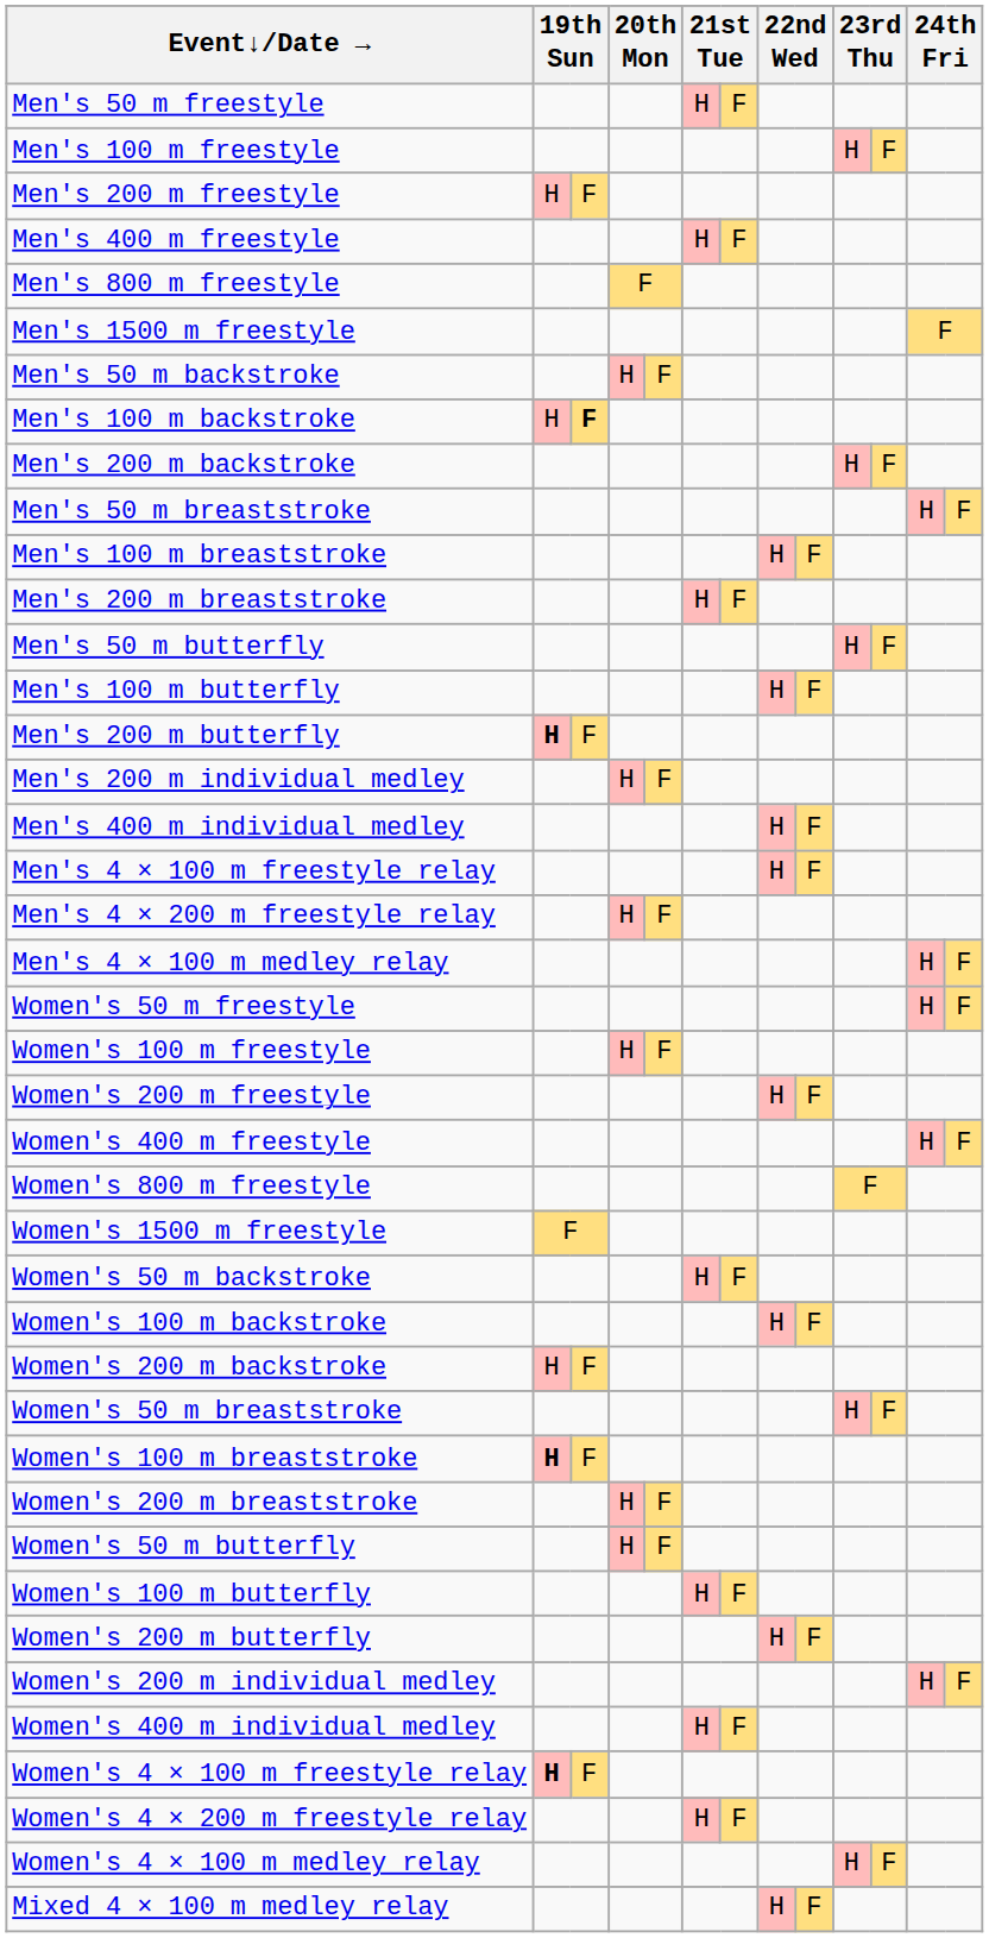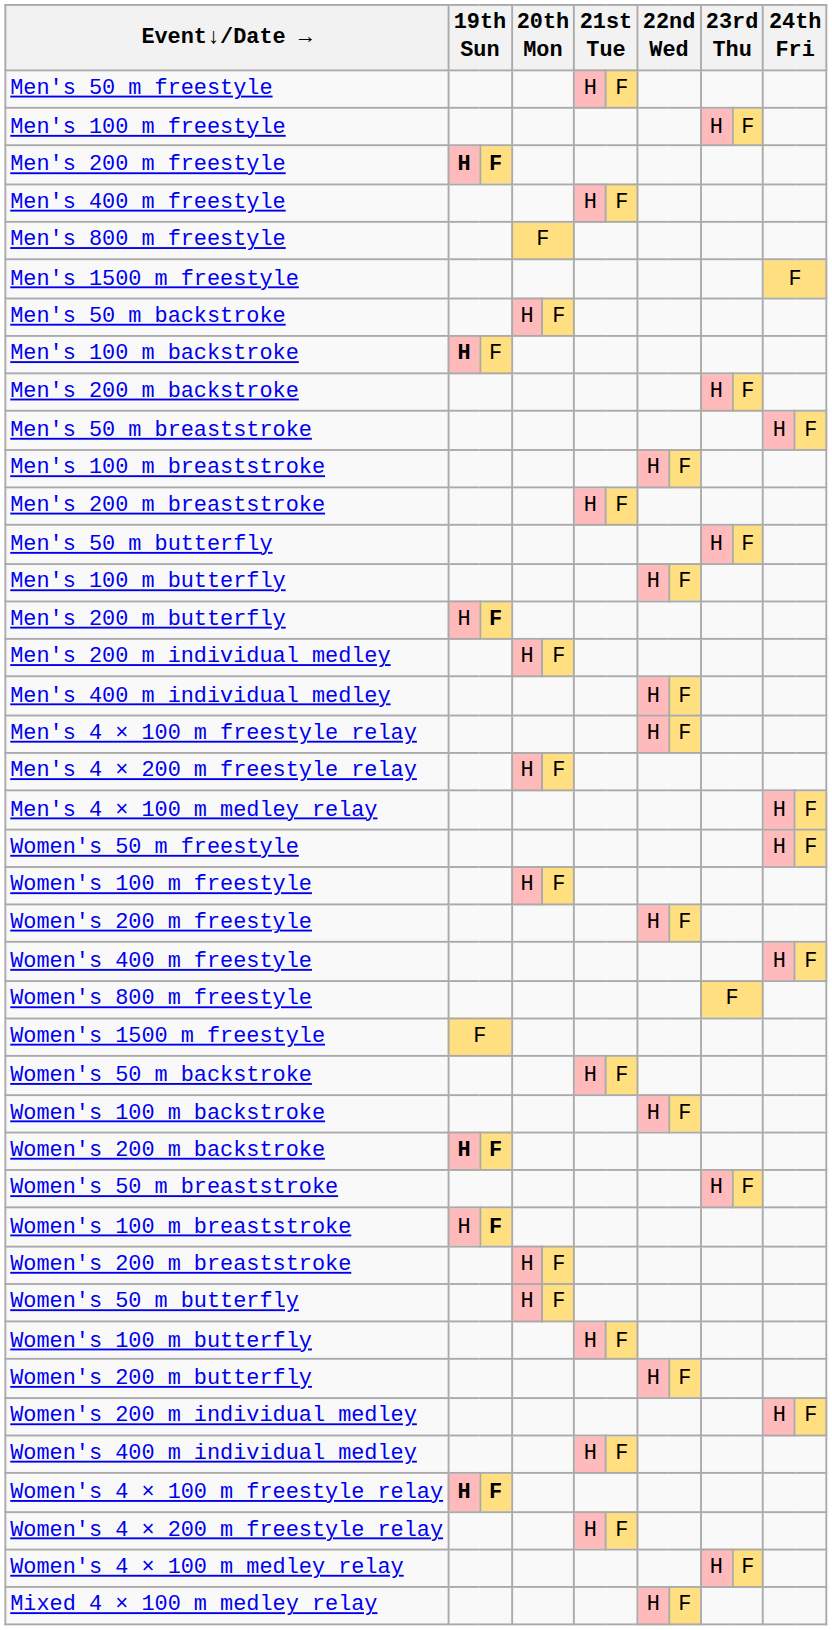 <table class="wikitable" style="margin:0.5em auto; font-size:90%; line-height:1.25em; text-align:center;">
 <tr>
 <th>Event↓/Date →</th>
 <th colspan=2>19th<br>Sun</th>
 <th colspan=2>20th<br>Mon</th>
 <th colspan=2>21st<br>Tue</th>
 <th colspan=2>22nd<br>Wed</th>
 <th colspan=2>23rd<br>Thu</th>
 <th colspan=2>24th<br>Fri</th>
 </tr>
 <tr>
 <td align=left><a href='#'>Men's 50 m freestyle</a></td>
 <td colspan=2></td>
 <td colspan=2></td>
 <td bgcolor="#FFBBBB">H</td>
 <td bgcolor="#FFDF80">F</td>
 <td colspan=2></td>
 <td colspan=2></td>
 <td colspan=2></td>
 </tr>
 <tr>
 <td align=left><a href='#'>Men's 100 m freestyle</a></td>
 <td colspan=2></td>
 <td colspan=2></td>
 <td colspan=2></td>
 <td colspan=2></td>
 <td bgcolor="#FFBBBB">H</td>
 <td bgcolor="#FFDF80">F</td>
 <td colspan=2></td>
 </tr>
 <tr>
 <td align=left><a href='#'>Men's 200 m freestyle</a></td>
-<td bgcolor="#FFBBBB">H</td>
-<td bgcolor="#FFDF80">F</td>
+<td bgcolor="#FFBBBB"><strong>H</strong></td>
+<td bgcolor="#FFDF80"><strong>F</strong></td>
 <td colspan=2></td>
 <td colspan=2></td>
 <td colspan=2></td>
 <td colspan=2></td>
 <td colspan=2></td>
 </tr>
 <tr>
 <td align=left><a href='#'>Men's 400 m freestyle</a></td>
 <td colspan=2></td>
 <td colspan=2></td>
 <td bgcolor="#FFBBBB">H</td>
 <td bgcolor="#FFDF80">F</td>
 <td colspan=2></td>
 <td colspan=2></td>
 <td colspan=2></td>
 </tr>
 <tr>
 <td align=left><a href='#'>Men's 800 m freestyle</a></td>
 <td colspan=2></td>
 <td colspan=2 bgcolor="#FFDF80">F</td>
 <td colspan=2></td>
 <td colspan=2></td>
 <td colspan=2></td>
 <td colspan=2></td>
 </tr>
 <tr>
 <td align=left><a href='#'>Men's 1500 m freestyle</a></td>
 <td colspan=2></td>
 <td colspan=2></td>
 <td colspan=2></td>
 <td colspan=2></td>
 <td colspan=2></td>
 <td colspan=2 bgcolor="#FFDF80">F</td>
 </tr>
 <tr>
 <td align=left><a href='#'>Men's 50 m backstroke</a></td>
 <td colspan=2></td>
 <td bgcolor="#FFBBBB">H</td>
 <td bgcolor="#FFDF80">F</td>
 <td colspan=2></td>
 <td colspan=2></td>
 <td colspan=2></td>
 <td colspan=2></td>
 </tr>
 <tr>
 <td align=left><a href='#'>Men's 100 m backstroke</a></td>
-<td bgcolor="#FFBBBB">H</td>
-<td bgcolor="#FFDF80"><strong>F</strong></td>
+<td bgcolor="#FFBBBB"><strong>H</strong></td>
+<td bgcolor="#FFDF80">F</td>
 <td colspan=2></td>
 <td colspan=2></td>
 <td colspan=2></td>
 <td colspan=2></td>
 <td colspan=2></td>
 </tr>
 <tr>
 <td align=left><a href='#'>Men's 200 m backstroke</a></td>
 <td colspan=2></td>
 <td colspan=2></td>
 <td colspan=2></td>
 <td colspan=2></td>
 <td bgcolor="#FFBBBB">H</td>
 <td bgcolor="#FFDF80">F</td>
 <td colspan=2></td>
 </tr>
 <tr>
 <td align=left><a href='#'>Men's 50 m breaststroke</a></td>
 <td colspan=2></td>
 <td colspan=2></td>
 <td colspan=2></td>
 <td colspan=2></td>
 <td colspan=2></td>
 <td bgcolor="#FFBBBB">H</td>
 <td bgcolor="#FFDF80">F</td>
 </tr>
 <tr>
 <td align=left><a href='#'>Men's 100 m breaststroke</a></td>
 <td colspan=2></td>
 <td colspan=2></td>
 <td colspan=2></td>
 <td bgcolor="#FFBBBB">H</td>
 <td bgcolor="#FFDF80">F</td>
 <td colspan=2></td>
 <td colspan=2></td>
 </tr>
 <tr>
 <td align=left><a href='#'>Men's 200 m breaststroke</a></td>
 <td colspan=2></td>
 <td colspan=2></td>
 <td bgcolor="#FFBBBB">H</td>
 <td bgcolor="#FFDF80">F</td>
 <td colspan=2></td>
 <td colspan=2></td>
 <td colspan=2></td>
 </tr>
 <tr>
 <td align=left><a href='#'>Men's 50 m butterfly</a></td>
 <td colspan=2></td>
 <td colspan=2></td>
 <td colspan=2></td>
 <td colspan=2></td>
 <td bgcolor="#FFBBBB">H</td>
 <td bgcolor="#FFDF80">F</td>
 <td colspan=2></td>
 </tr>
 <tr>
 <td align=left><a href='#'>Men's 100 m butterfly</a></td>
 <td colspan=2></td>
 <td colspan=2></td>
 <td colspan=2></td>
 <td bgcolor="#FFBBBB">H</td>
 <td bgcolor="#FFDF80">F</td>
 <td colspan=2></td>
 <td colspan=2></td>
 </tr>
 <tr>
 <td align=left><a href='#'>Men's 200 m butterfly</a></td>
-<td bgcolor="#FFBBBB"><strong>H</strong></td>
-<td bgcolor="#FFDF80">F</td>
+<td bgcolor="#FFBBBB">H</td>
+<td bgcolor="#FFDF80"><strong>F</strong></td>
 <td colspan=2></td>
 <td colspan=2></td>
 <td colspan=2></td>
 <td colspan=2></td>
 <td colspan=2></td>
 </tr>
 <tr>
 <td align=left><a href='#'>Men's 200 m individual medley</a></td>
 <td colspan=2></td>
 <td bgcolor="#FFBBBB">H</td>
 <td bgcolor="#FFDF80">F</td>
 <td colspan=2></td>
 <td colspan=2></td>
 <td colspan=2></td>
 <td colspan=2></td>
 </tr>
 <tr>
 <td align=left><a href='#'>Men's 400 m individual medley</a></td>
 <td colspan=2></td>
 <td colspan=2></td>
 <td colspan=2></td>
 <td bgcolor="#FFBBBB">H</td>
 <td bgcolor="#FFDF80">F</td>
 <td colspan=2></td>
 <td colspan=2></td>
 </tr>
 <tr>
 <td align=left><a href='#'>Men's 4 × 100 m freestyle relay</a></td>
 <td colspan=2></td>
 <td colspan=2></td>
 <td colspan=2></td>
 <td bgcolor="#FFBBBB">H</td>
 <td bgcolor="#FFDF80">F</td>
 <td colspan=2></td>
 <td colspan=2></td>
 </tr>
 <tr>
 <td align=left><a href='#'>Men's 4 × 200 m freestyle relay</a></td>
 <td colspan=2></td>
 <td bgcolor="#FFBBBB">H</td>
 <td bgcolor="#FFDF80">F</td>
 <td colspan=2></td>
 <td colspan=2></td>
 <td colspan=2></td>
 <td colspan=2></td>
 </tr>
 <tr>
 <td align=left><a href='#'>Men's 4 × 100 m medley relay</a></td>
 <td colspan=2></td>
 <td colspan=2></td>
 <td colspan=2></td>
 <td colspan=2></td>
 <td colspan=2></td>
 <td bgcolor="#FFBBBB">H</td>
 <td bgcolor="#FFDF80">F</td>
 </tr>
 <tr>
 <td align=left><a href='#'>Women's 50 m freestyle</a></td>
 <td colspan=2></td>
 <td colspan=2></td>
 <td colspan=2></td>
 <td colspan=2></td>
 <td colspan=2></td>
 <td bgcolor="#FFBBBB">H</td>
 <td bgcolor="#FFDF80">F</td>
 </tr>
 <tr>
 <td align=left><a href='#'>Women's 100 m freestyle</a></td>
 <td colspan=2></td>
 <td bgcolor="#FFBBBB">H</td>
 <td bgcolor="#FFDF80">F</td>
 <td colspan=2></td>
 <td colspan=2></td>
 <td colspan=2></td>
 <td colspan=2></td>
 </tr>
 <tr>
 <td align=left><a href='#'>Women's 200 m freestyle</a></td>
 <td colspan=2></td>
 <td colspan=2></td>
 <td colspan=2></td>
 <td bgcolor="#FFBBBB">H</td>
 <td bgcolor="#FFDF80">F</td>
 <td colspan=2></td>
 <td colspan=2></td>
 </tr>
 <tr>
 <td align=left><a href='#'>Women's 400 m freestyle</a></td>
 <td colspan=2></td>
 <td colspan=2></td>
 <td colspan=2></td>
 <td colspan=2></td>
 <td colspan=2></td>
 <td bgcolor="#FFBBBB">H</td>
 <td bgcolor="#FFDF80">F</td>
 </tr>
 <tr>
 <td align=left><a href='#'>Women's 800 m freestyle</a></td>
 <td colspan=2></td>
 <td colspan=2></td>
 <td colspan=2></td>
 <td colspan=2></td>
 <td colspan=2 bgcolor="#FFDF80">F</td>
 <td colspan=2></td>
 </tr>
 <tr>
 <td align=left><a href='#'>Women's 1500 m freestyle</a></td>
 <td colspan=2 bgcolor="#FFDF80">F</td>
 <td colspan=2></td>
 <td colspan=2></td>
 <td colspan=2></td>
 <td colspan=2></td>
 <td colspan=2></td>
 </tr>
 <tr>
 <td align=left><a href='#'>Women's 50 m backstroke</a></td>
 <td colspan=2></td>
 <td colspan=2></td>
 <td bgcolor="#FFBBBB">H</td>
 <td bgcolor="#FFDF80">F</td>
 <td colspan=2></td>
 <td colspan=2></td>
 <td colspan=2></td>
 </tr>
 <tr>
 <td align=left><a href='#'>Women's 100 m backstroke</a></td>
 <td colspan=2></td>
 <td colspan=2></td>
 <td colspan=2></td>
 <td bgcolor="#FFBBBB">H</td>
 <td bgcolor="#FFDF80">F</td>
 <td colspan=2></td>
 <td colspan=2></td>
 </tr>
 <tr>
 <td align=left><a href='#'>Women's 200 m backstroke</a></td>
-<td bgcolor="#FFBBBB">H</td>
-<td bgcolor="#FFDF80">F</td>
+<td bgcolor="#FFBBBB"><strong>H</strong></td>
+<td bgcolor="#FFDF80"><strong>F</strong></td>
 <td colspan=2></td>
 <td colspan=2></td>
 <td colspan=2></td>
 <td colspan=2></td>
 <td colspan=2></td>
 </tr>
 <tr>
 <td align=left><a href='#'>Women's 50 m breaststroke</a></td>
 <td colspan=2></td>
 <td colspan=2></td>
 <td colspan=2></td>
 <td colspan=2></td>
 <td bgcolor="#FFBBBB">H</td>
 <td bgcolor="#FFDF80">F</td>
 <td colspan=2></td>
 </tr>
 <tr>
 <td align=left><a href='#'>Women's 100 m breaststroke</a></td>
-<td bgcolor="#FFBBBB"><strong>H</strong></td>
-<td bgcolor="#FFDF80">F</td>
+<td bgcolor="#FFBBBB">H</td>
+<td bgcolor="#FFDF80"><strong>F</strong></td>
 <td colspan=2></td>
 <td colspan=2></td>
 <td colspan=2></td>
 <td colspan=2></td>
 <td colspan=2></td>
 </tr>
 <tr>
 <td align=left><a href='#'>Women's 200 m breaststroke</a></td>
 <td colspan=2></td>
 <td bgcolor="#FFBBBB">H</td>
 <td bgcolor="#FFDF80">F</td>
 <td colspan=2></td>
 <td colspan=2></td>
 <td colspan=2></td>
 <td colspan=2></td>
 </tr>
 <tr>
 <td align=left><a href='#'>Women's 50 m butterfly</a></td>
 <td colspan=2></td>
 <td bgcolor="#FFBBBB">H</td>
 <td bgcolor="#FFDF80">F</td>
 <td colspan=2></td>
 <td colspan=2></td>
 <td colspan=2></td>
 <td colspan=2></td>
 </tr>
 <tr>
 <td align=left><a href='#'>Women's 100 m butterfly</a></td>
 <td colspan=2></td>
 <td colspan=2></td>
 <td bgcolor="#FFBBBB">H</td>
 <td bgcolor="#FFDF80">F</td>
 <td colspan=2></td>
 <td colspan=2></td>
 <td colspan=2></td>
 </tr>
 <tr>
 <td align=left><a href='#'>Women's 200 m butterfly</a></td>
 <td colspan=2></td>
 <td colspan=2></td>
 <td colspan=2></td>
 <td bgcolor="#FFBBBB">H</td>
 <td bgcolor="#FFDF80">F</td>
 <td colspan=2></td>
 <td colspan=2></td>
 </tr>
 <tr>
 <td align=left><a href='#'>Women's 200 m individual medley</a></td>
 <td colspan=2></td>
 <td colspan=2></td>
 <td colspan=2></td>
 <td colspan=2></td>
 <td colspan=2></td>
 <td bgcolor="#FFBBBB">H</td>
 <td bgcolor="#FFDF80">F</td>
 </tr>
 <tr>
 <td align=left><a href='#'>Women's 400 m individual medley</a></td>
 <td colspan=2></td>
 <td colspan=2></td>
 <td bgcolor="#FFBBBB">H</td>
 <td bgcolor="#FFDF80">F</td>
 <td colspan=2></td>
 <td colspan=2></td>
 <td colspan=2></td>
 </tr>
 <tr>
 <td align=left><a href='#'>Women's 4 × 100 m freestyle relay</a></td>
 <td bgcolor="#FFBBBB"><strong>H</strong></td>
-<td bgcolor="#FFDF80">F</td>
+<td bgcolor="#FFDF80"><strong>F</strong></td>
 <td colspan=2></td>
 <td colspan=2></td>
 <td colspan=2></td>
 <td colspan=2></td>
 <td colspan=2></td>
 </tr>
 <tr>
 <td align=left><a href='#'>Women's 4 × 200 m freestyle relay</a></td>
 <td colspan=2></td>
 <td colspan=2></td>
 <td bgcolor="#FFBBBB">H</td>
 <td bgcolor="#FFDF80">F</td>
 <td colspan=2></td>
 <td colspan=2></td>
 <td colspan=2></td>
 </tr>
 <tr>
 <td align=left><a href='#'>Women's 4 × 100 m medley relay</a></td>
 <td colspan=2></td>
 <td colspan=2></td>
 <td colspan=2></td>
 <td colspan=2></td>
 <td bgcolor="#FFBBBB">H</td>
 <td bgcolor="#FFDF80">F</td>
 <td colspan=2></td>
 </tr>
 <tr>
 <td align=left><a href='#'>Mixed 4 × 100 m medley relay</a></td>
 <td colspan=2></td>
 <td colspan=2></td>
 <td colspan=2></td>
 <td bgcolor="#FFBBBB">H</td>
 <td bgcolor="#FFDF80">F</td>
 <td colspan=2></td>
 <td colspan=2></td>
 </tr>
 </table>
